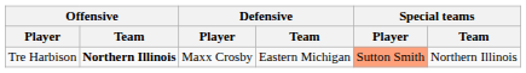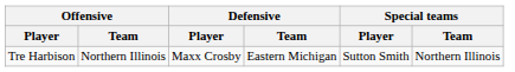 <table class="wikitable" style="display: inline-table;">
 <tr>
 <th colspan="2">Offensive</th>
 <th colspan="2">Defensive</th>
 <th colspan="2">Special teams</th>
 </tr>
 <tr>
 <th>Player</th>
 <th>Team</th>
 <th>Player</th>
 <th>Team</th>
 <th>Player</th>
 <th>Team</th>
 </tr>
 <tr>
 <td>Tre Harbison</td>
-<td><strong>Northern Illinois</strong></td>
+<td>Northern Illinois</td>
 <td>Maxx Crosby</td>
 <td>Eastern Michigan</td>
-<td style="background: lightsalmon;">Sutton Smith</td>
+<td>Sutton Smith</td>
 <td>Northern Illinois</td>
 </tr>
 </table>
